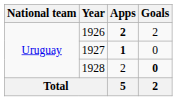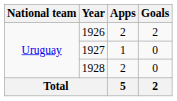 <table class="wikitable" style="text-align:center">
 <tr>
 <th>National team</th>
 <th>Year</th>
 <th>Apps</th>
 <th>Goals</th>
 </tr>
 <tr>
 <td rowspan=3><a href='#'>Uruguay</a></td>
 <td>1926</td>
-<td><strong>2</strong></td>
+<td>2</td>
 <td>2</td>
 </tr>
 <tr>
 <td>1927</td>
-<td><strong>1</strong></td>
+<td>1</td>
 <td>0</td>
 </tr>
 <tr>
 <td>1928</td>
 <td>2</td>
-<td><strong>0</strong></td>
+<td>0</td>
 </tr>
 <tr>
 <th colspan=2>Total</th>
 <th>5</th>
 <th>2</th>
 </tr>
 </table>
